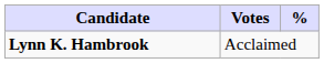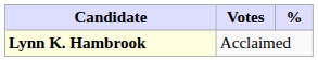 <table class="wikitable">
 <tr>
 <th style="background:#ddf; width:200px;">Candidate</th>
 <th style="background:#ddf; width:50px;">Votes</th>
 <th style="background:#ddf; width:30px;">%</th>
 </tr>
 <tr>
-<td><strong>Lynn K. Hambrook</strong></td>
+<td style="background: lightyellow;"><strong>Lynn K. Hambrook</strong></td>
 <td colspan="2">Acclaimed</td>
 </tr>
 </table>
